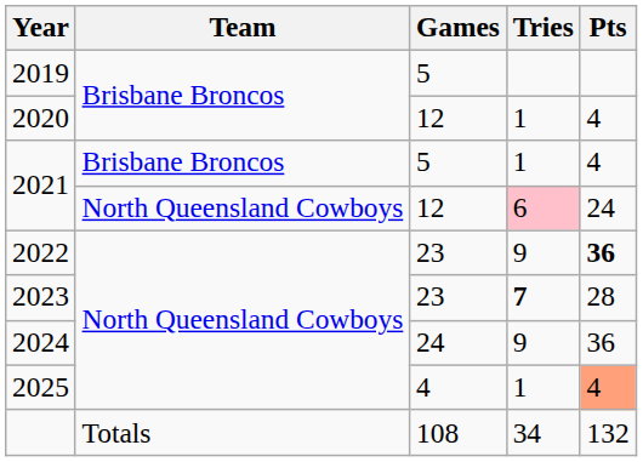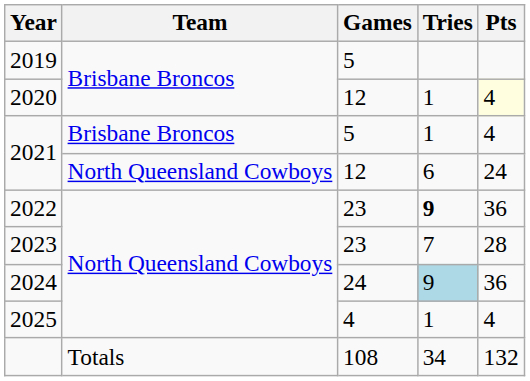 <table class="wikitable">
 <tr>
 <th>Year</th>
 <th>Team</th>
 <th>Games</th>
 <th>Tries</th>
 <th>Pts</th>
 </tr>
 <tr>
 <td>2019</td>
 <td rowspan="2"> <a href='#'>Brisbane Broncos</a></td>
 <td>5</td>
 <td></td>
 <td></td>
 </tr>
 <tr>
 <td>2020</td>
 <td>12</td>
 <td>1</td>
-<td>4</td>
+<td style="background: lightyellow;">4</td>
 </tr>
 <tr>
 <td rowspan="2">2021</td>
 <td> <a href='#'>Brisbane Broncos</a></td>
 <td>5</td>
 <td>1</td>
 <td>4</td>
 </tr>
 <tr>
 <td> <a href='#'>North Queensland Cowboys</a></td>
 <td>12</td>
-<td style="background: pink;">6</td>
+<td>6</td>
 <td>24</td>
 </tr>
 <tr>
 <td>2022</td>
 <td rowspan="4"> <a href='#'>North Queensland Cowboys</a></td>
 <td>23</td>
-<td>9</td>
-<td><strong>36</strong></td>
+<td><strong>9</strong></td>
+<td>36</td>
 </tr>
 <tr>
 <td>2023</td>
 <td>23</td>
-<td><strong>7</strong></td>
+<td>7</td>
 <td>28</td>
 </tr>
 <tr>
 <td>2024</td>
 <td>24</td>
-<td>9</td>
+<td style="background: lightblue;">9</td>
 <td>36</td>
 </tr>
 <tr>
 <td>2025</td>
 <td>4</td>
 <td>1</td>
-<td style="background: lightsalmon;">4</td>
+<td>4</td>
 </tr>
 <tr>
 <td></td>
 <td>Totals</td>
 <td>108</td>
 <td>34</td>
 <td>132</td>
 </tr>
 </table>
